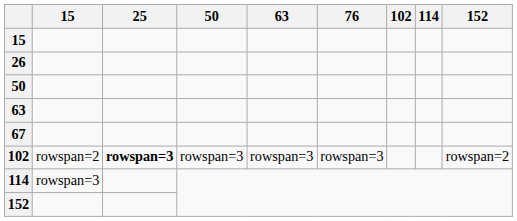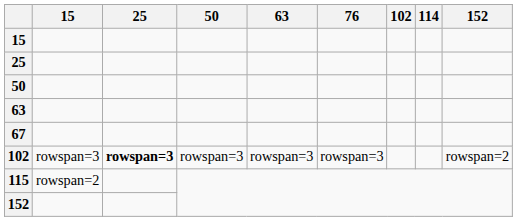 <table class="wikitable" style="font-size:90%;text-align:center;">
 <tr>
 <th></th>
 <th>15</th>
 <th>25</th>
 <th>50</th>
 <th>63</th>
 <th>76</th>
 <th>102</th>
 <th>114</th>
 <th>152</th>
 </tr>
 <tr>
 <th>15</th>
 <td></td>
 <td></td>
 <td></td>
 <td></td>
 <td></td>
 <td></td>
 <td></td>
 <td></td>
 </tr>
 <tr>
-<th>26</th>
+<th>25</th>
 <td></td>
 <td></td>
 <td></td>
 <td></td>
 <td></td>
 <td></td>
 <td></td>
 <td></td>
 </tr>
 <tr>
 <th>50</th>
 <td></td>
 <td></td>
 <td></td>
 <td></td>
 <td></td>
 <td></td>
 <td></td>
 <td></td>
 </tr>
 <tr>
 <th>63</th>
 <td></td>
 <td></td>
 <td></td>
 <td></td>
 <td></td>
 <td></td>
 <td></td>
 <td></td>
 </tr>
 <tr>
 <th>67</th>
 <td></td>
 <td></td>
 <td></td>
 <td></td>
 <td></td>
 <td></td>
 <td></td>
 <td></td>
 </tr>
 <tr>
 <th>102</th>
-<td>rowspan=2 </td>
+<td>rowspan=3 </td>
 <td><strong>rowspan=3 </strong></td>
 <td>rowspan=3 </td>
 <td>rowspan=3 </td>
 <td>rowspan=3 </td>
 <td></td>
 <td></td>
 <td>rowspan=2 </td>
 </tr>
 <tr>
-<th>114</th>
-<td>rowspan=3 </td>
+<th>115</th>
+<td>rowspan=2 </td>
 <td></td>
 </tr>
 <tr>
 <th>152</th>
 <td></td>
 <td></td>
 </tr>
 </table>
